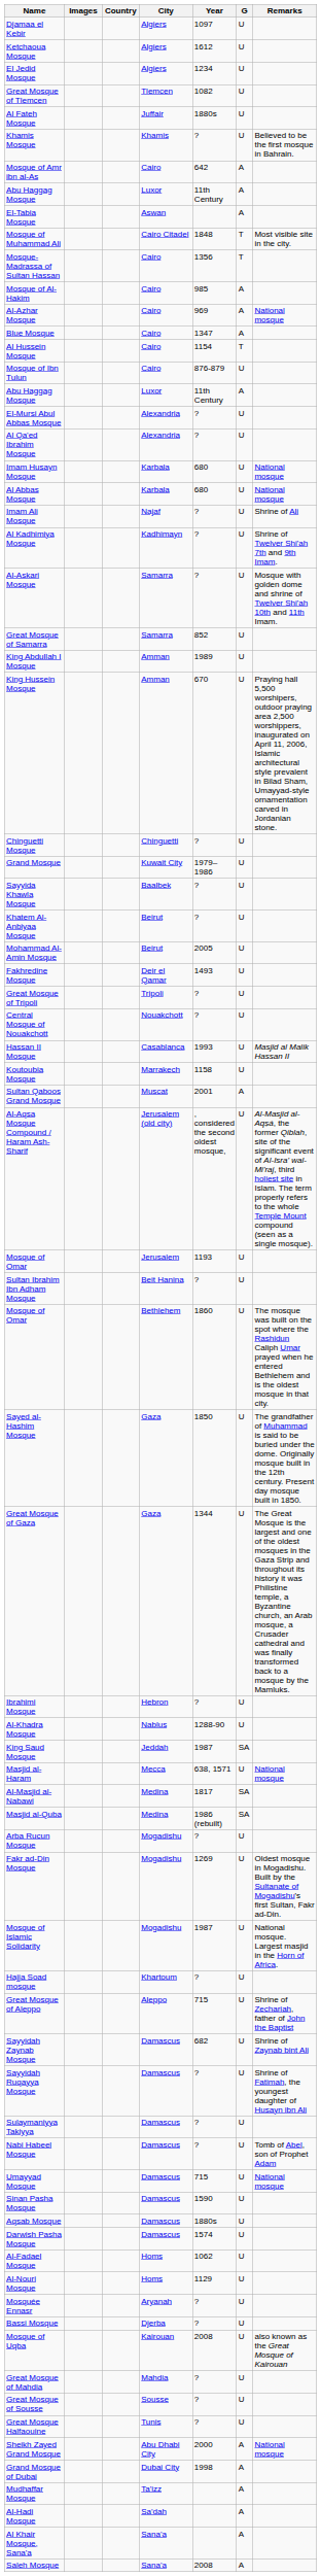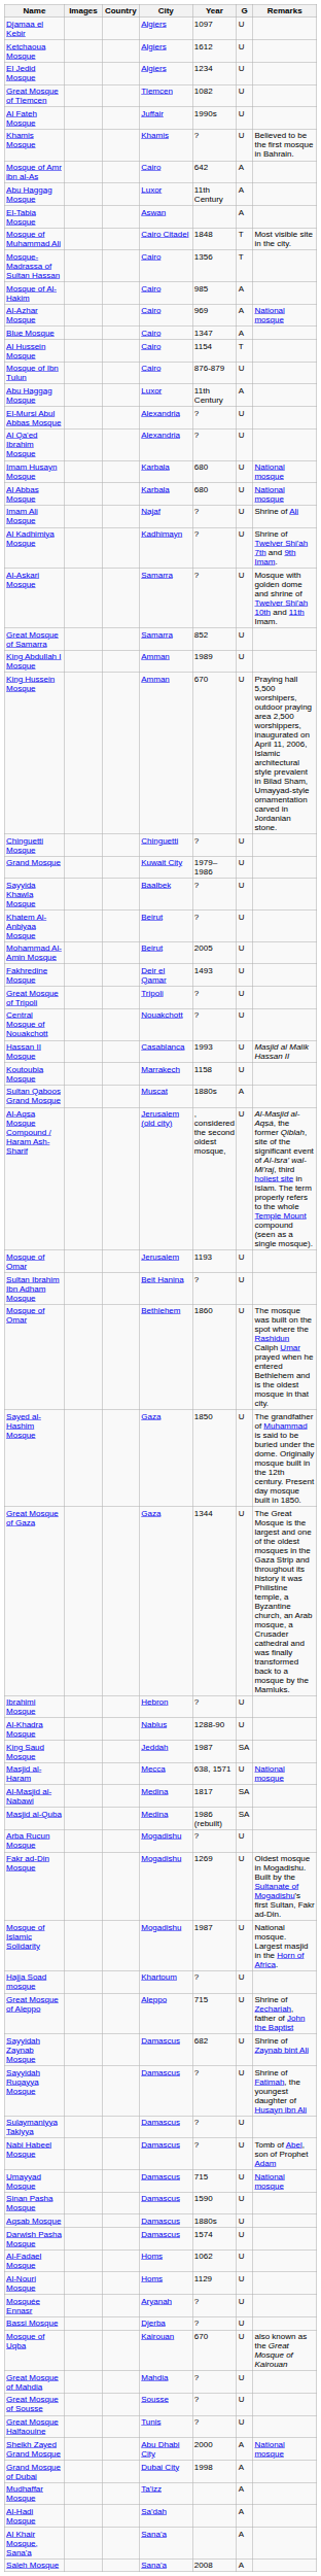 <table class="wikitable sortable">
 <tr>
 <th align=left width=200px>Name</th>
 <th align=center width=160px class=unsortable>Images</th>
 <th align=left width=100px>Country</th>
 <th align=left width=200px>City</th>
 <th align=left width=050px>Year</th>
 <th align=center width=050px>G</th>
 <th align=left width=250px class=unsortable>Remarks</th>
 </tr>
 <tr valign=top>
 <td><a href='#'>Djamaa el Kebir</a></td>
 <td></td>
 <td></td>
 <td><a href='#'>Algiers</a></td>
 <td>1097</td>
 <td>U</td>
 <td></td>
 </tr>
 <tr valign=top>
 <td><a href='#'>Ketchaoua Mosque</a></td>
 <td></td>
 <td></td>
 <td><a href='#'>Algiers</a></td>
 <td>1612</td>
 <td>U</td>
 <td></td>
 </tr>
 <tr valign=top>
 <td><a href='#'>El Jedid Mosque</a></td>
 <td></td>
 <td></td>
 <td><a href='#'>Algiers</a></td>
 <td>1234</td>
 <td>U</td>
 <td></td>
 </tr>
 <tr valign=top>
 <td><a href='#'>Great Mosque of Tlemcen</a></td>
 <td></td>
 <td></td>
 <td><a href='#'>Tlemcen</a></td>
 <td>1082</td>
 <td>U</td>
 <td></td>
 </tr>
 <tr valign=top>
 <td><a href='#'>Al Fateh Mosque</a></td>
 <td></td>
 <td></td>
 <td><a href='#'>Juffair</a></td>
-<td>1880s</td>
+<td>1990s</td>
 <td>U</td>
 <td></td>
 </tr>
 <tr valign=top>
 <td><a href='#'>Khamis Mosque</a></td>
 <td></td>
 <td></td>
 <td><a href='#'>Khamis</a></td>
 <td>?</td>
 <td>U</td>
 <td>Believed to be the first mosque in Bahrain.</td>
 </tr>
 <tr valign=top>
 <td><a href='#'>Mosque of Amr ibn al-As</a></td>
 <td></td>
 <td></td>
 <td><a href='#'>Cairo</a></td>
 <td>642</td>
 <td>A</td>
 <td></td>
 </tr>
 <tr valign=top>
 <td><a href='#'>Abu Haggag Mosque</a></td>
 <td></td>
 <td></td>
 <td><a href='#'>Luxor</a></td>
 <td>11th Century</td>
 <td>A</td>
 <td></td>
 </tr>
 <tr valign=top>
 <td><a href='#'>El-Tabia Mosque</a></td>
 <td></td>
 <td></td>
 <td><a href='#'>Aswan</a></td>
 <td></td>
 <td>A</td>
 <td></td>
 </tr>
 <tr valign=top>
 <td><a href='#'>Mosque of Muhammad Ali</a></td>
 <td></td>
 <td></td>
 <td><a href='#'>Cairo Citadel</a></td>
 <td>1848</td>
 <td>T</td>
 <td>Most visible site in the city.</td>
 </tr>
 <tr valign=top>
 <td><a href='#'>Mosque-Madrassa of Sultan Hassan</a></td>
 <td></td>
 <td></td>
 <td><a href='#'>Cairo</a></td>
 <td>1356</td>
 <td>T</td>
 <td></td>
 </tr>
 <tr valign=top>
 <td><a href='#'>Mosque of Al-Hakim</a></td>
 <td></td>
 <td></td>
 <td><a href='#'>Cairo</a></td>
 <td>985</td>
 <td>A</td>
 <td></td>
 </tr>
 <tr valign=top>
 <td><a href='#'>Al-Azhar Mosque</a></td>
 <td></td>
 <td></td>
 <td><a href='#'>Cairo</a></td>
 <td>969</td>
 <td>A</td>
 <td><a href='#'>National mosque</a></td>
 </tr>
 <tr valign=top>
 <td><a href='#'>Blue Mosque</a></td>
 <td></td>
 <td></td>
 <td><a href='#'>Cairo</a></td>
 <td>1347</td>
 <td>A</td>
 <td></td>
 </tr>
 <tr valign=top>
 <td><a href='#'>Al Hussein Mosque</a></td>
 <td></td>
 <td></td>
 <td><a href='#'>Cairo</a></td>
 <td>1154</td>
 <td>T</td>
 <td></td>
 </tr>
 <tr valign=top>
 <td><a href='#'>Mosque of Ibn Tulun</a></td>
 <td></td>
 <td></td>
 <td><a href='#'>Cairo</a></td>
 <td>876-879</td>
 <td>U</td>
 <td></td>
 </tr>
 <tr valign=top>
 <td><a href='#'>Abu Haggag Mosque</a></td>
 <td></td>
 <td></td>
 <td><a href='#'>Luxor</a></td>
 <td>11th Century</td>
 <td>A</td>
 <td></td>
 </tr>
 <tr valign=top>
 <td><a href='#'>El-Mursi Abul Abbas Mosque</a></td>
 <td></td>
 <td></td>
 <td><a href='#'>Alexandria</a></td>
 <td>?</td>
 <td>U</td>
 <td></td>
 </tr>
 <tr valign=top>
 <td><a href='#'>Al Qa'ed Ibrahim Mosque</a></td>
 <td></td>
 <td></td>
 <td><a href='#'>Alexandria</a></td>
 <td>?</td>
 <td>U</td>
 <td></td>
 </tr>
 <tr valign=top>
 <td><a href='#'>Imam Husayn Mosque</a></td>
 <td></td>
 <td></td>
 <td><a href='#'>Karbala</a></td>
 <td>680</td>
 <td>U</td>
 <td><a href='#'>National mosque</a></td>
 </tr>
 <tr valign=top>
 <td><a href='#'>Al Abbas Mosque</a></td>
 <td></td>
 <td></td>
 <td><a href='#'>Karbala</a></td>
 <td>680</td>
 <td>U</td>
 <td><a href='#'>National mosque</a></td>
 </tr>
 <tr valign=top>
 <td><a href='#'>Imam Ali Mosque</a></td>
 <td></td>
 <td></td>
 <td><a href='#'>Najaf</a></td>
 <td>?</td>
 <td>U</td>
 <td>Shrine of <a href='#'>Ali</a></td>
 </tr>
 <tr valign=top>
 <td><a href='#'>Al Kadhimiya Mosque</a></td>
 <td></td>
 <td></td>
 <td><a href='#'>Kadhimayn</a></td>
 <td>?</td>
 <td>U</td>
 <td>Shrine of <a href='#'>Twelver Shi'ah</a> <a href='#'>7th</a> and <a href='#'>9th Imam</a>.</td>
 </tr>
 <tr valign=top>
 <td><a href='#'>Al-Askari Mosque</a></td>
 <td></td>
 <td></td>
 <td><a href='#'>Samarra</a></td>
 <td>?</td>
 <td>U</td>
 <td>Mosque with golden dome and shrine of <a href='#'>Twelver Shi'ah</a> <a href='#'>10th</a> and <a href='#'>11th</a> Imam.</td>
 </tr>
 <tr valign=top>
 <td><a href='#'>Great Mosque of Samarra</a></td>
 <td></td>
 <td></td>
 <td><a href='#'>Samarra</a></td>
 <td>852</td>
 <td>U</td>
 <td></td>
 </tr>
 <tr valign=top>
 <td><a href='#'>King Abdullah I Mosque</a></td>
 <td></td>
 <td></td>
 <td><a href='#'>Amman</a></td>
 <td>1989</td>
 <td>U</td>
 <td></td>
 </tr>
 <tr valign=top>
 <td><a href='#'>King Hussein Mosque</a></td>
 <td></td>
 <td></td>
 <td><a href='#'>Amman</a></td>
 <td>670</td>
 <td>U</td>
 <td>Praying hall 5,500 worshipers, outdoor praying area 2,500 worshippers, inaugurated on April 11, 2006, Islamic architectural style prevalent in Bilad Sham, Umayyad-style ornamentation carved in Jordanian stone.</td>
 </tr>
 <tr valign=top>
 <td><a href='#'>Chinguetti Mosque</a></td>
 <td></td>
 <td></td>
 <td><a href='#'>Chinguetti</a></td>
 <td>?</td>
 <td>U</td>
 <td></td>
 </tr>
 <tr valign=top>
 <td><a href='#'>Grand Mosque</a></td>
 <td></td>
 <td></td>
 <td><a href='#'>Kuwait City</a></td>
 <td>1979–1986</td>
 <td>U</td>
 <td></td>
 </tr>
 <tr valign=top>
 <td><a href='#'>Sayyida Khawla Mosque</a></td>
 <td></td>
 <td></td>
 <td><a href='#'>Baalbek</a></td>
 <td>?</td>
 <td>U</td>
 <td></td>
 </tr>
 <tr valign=top>
 <td><a href='#'>Khatem Al-Anbiyaa Mosque</a></td>
 <td></td>
 <td></td>
 <td><a href='#'>Beirut</a></td>
 <td>?</td>
 <td>U</td>
 <td></td>
 </tr>
 <tr valign=top>
 <td><a href='#'>Mohammad Al-Amin Mosque</a></td>
 <td></td>
 <td></td>
 <td><a href='#'>Beirut</a></td>
 <td>2005</td>
 <td>U</td>
 <td></td>
 </tr>
 <tr valign=top>
 <td><a href='#'>Fakhredine Mosque</a></td>
 <td></td>
 <td></td>
 <td><a href='#'>Deir el Qamar</a></td>
 <td>1493</td>
 <td>U</td>
 <td></td>
 </tr>
 <tr valign=top>
 <td><a href='#'>Great Mosque of Tripoli</a></td>
 <td></td>
 <td></td>
 <td><a href='#'>Tripoli</a></td>
 <td>?</td>
 <td>U</td>
 <td></td>
 </tr>
 <tr valign=top>
 <td><a href='#'>Central Mosque of Nouakchott</a></td>
 <td></td>
 <td></td>
 <td><a href='#'>Nouakchott</a></td>
 <td>?</td>
 <td>U</td>
 <td></td>
 </tr>
 <tr valign=top>
 <td><a href='#'>Hassan II Mosque</a></td>
 <td></td>
 <td></td>
 <td><a href='#'>Casablanca</a></td>
 <td>1993</td>
 <td>U</td>
 <td><em>Masjid al Malik Hassan II</em></td>
 </tr>
 <tr valign=top>
 <td><a href='#'>Koutoubia Mosque</a></td>
 <td></td>
 <td></td>
 <td><a href='#'>Marrakech</a></td>
 <td>1158</td>
 <td>U</td>
 <td></td>
 </tr>
 <tr valign=top>
 <td><a href='#'>Sultan Qaboos Grand Mosque</a></td>
 <td></td>
 <td></td>
 <td><a href='#'>Muscat</a></td>
-<td>2001</td>
+<td>1880s</td>
 <td>A</td>
 <td></td>
 </tr>
 <tr valign=top>
 <td><a href='#'>Al-Aqsa Mosque Compound / Haram Ash-Sharif</a></td>
 <td></td>
 <td></td>
 <td><a href='#'>Jerusalem (old city)</a></td>
 <td>, considered the second oldest mosque,</td>
 <td>U</td>
 <td><em>Al-Masjid al-Aqṣá</em>, the former <em>Qiblah</em>, site of the significant event of <em>Al-Isra' wal-Mi'raj</em>, third <a href='#'>holiest site</a> in Islam. The term properly refers to the whole <a href='#'>Temple Mount</a> compound (seen as a single mosque).</td>
 </tr>
 <tr valign=top>
 <td><a href='#'>Mosque of Omar</a></td>
 <td></td>
 <td></td>
 <td><a href='#'>Jerusalem</a></td>
 <td>1193</td>
 <td>U</td>
 <td></td>
 </tr>
 <tr valign=top>
 <td><a href='#'>Sultan Ibrahim Ibn Adham Mosque</a></td>
 <td></td>
 <td></td>
 <td><a href='#'>Beit Hanina</a></td>
 <td>?</td>
 <td>U</td>
 <td></td>
 </tr>
 <tr valign=top>
 <td><a href='#'>Mosque of Omar</a></td>
 <td></td>
 <td></td>
 <td><a href='#'>Bethlehem</a></td>
 <td>1860</td>
 <td>U</td>
 <td>The mosque was built on the spot where the <a href='#'>Rashidun</a> Caliph <a href='#'>Umar</a> prayed when he entered Bethlehem and is the oldest mosque in that city.</td>
 </tr>
 <tr valign=top>
 <td><a href='#'>Sayed al-Hashim Mosque</a></td>
 <td></td>
 <td></td>
 <td><a href='#'>Gaza</a></td>
 <td>1850</td>
 <td>U</td>
 <td>The grandfather of <a href='#'>Muhammad</a> is said to be buried under the dome. Originally mosque built in the 12th century. Present day mosque built in 1850.</td>
 </tr>
 <tr valign=top>
 <td><a href='#'>Great Mosque of Gaza</a></td>
 <td></td>
 <td></td>
 <td><a href='#'>Gaza</a></td>
 <td>1344</td>
 <td>U</td>
 <td>The Great Mosque is the largest and one of the oldest mosques in the Gaza Strip and throughout its history it was Philistine temple, a Byzantine church, an Arab mosque, a Crusader cathedral and was finally transformed back to a mosque by the Mamluks.</td>
 </tr>
 <tr valign=top>
 <td><a href='#'>Ibrahimi Mosque</a></td>
 <td></td>
 <td></td>
 <td><a href='#'>Hebron</a></td>
 <td>?</td>
 <td>U</td>
 <td></td>
 </tr>
 <tr valign=top>
 <td><a href='#'>Al-Khadra Mosque</a></td>
 <td></td>
 <td></td>
 <td><a href='#'>Nablus</a></td>
 <td>1288-90</td>
 <td>U</td>
 <td></td>
 </tr>
 <tr valign=top>
 <td><a href='#'>King Saud Mosque</a></td>
 <td></td>
 <td></td>
 <td><a href='#'>Jeddah</a></td>
 <td>1987</td>
 <td>SA</td>
 <td></td>
 </tr>
 <tr valign=top>
 <td><a href='#'>Masjid al-Haram</a></td>
 <td></td>
 <td></td>
 <td><a href='#'>Mecca</a></td>
 <td>638, 1571</td>
 <td>U</td>
 <td><a href='#'>National mosque</a></td>
 </tr>
 <tr valign=top>
 <td><a href='#'>Al-Masjid al-Nabawi</a></td>
 <td></td>
 <td></td>
 <td><a href='#'>Medina</a></td>
 <td>1817</td>
 <td>SA</td>
 <td></td>
 </tr>
 <tr valign=top>
 <td><a href='#'>Masjid al-Quba</a></td>
 <td></td>
 <td></td>
 <td><a href='#'>Medina</a></td>
 <td>1986 (rebuilt)</td>
 <td>SA</td>
 <td></td>
 </tr>
 <tr valign=top>
 <td><a href='#'>Arba Rucun Mosque</a></td>
 <td></td>
 <td></td>
 <td><a href='#'>Mogadishu</a></td>
 <td>?</td>
 <td>U</td>
 <td></td>
 </tr>
 <tr valign=top>
 <td><a href='#'>Fakr ad-Din Mosque</a></td>
 <td></td>
 <td></td>
 <td><a href='#'>Mogadishu</a></td>
 <td>1269</td>
 <td>U</td>
 <td>Oldest mosque in Mogadishu. Built by the <a href='#'>Sultanate of Mogadishu</a>'s first Sultan, Fakr ad-Din.</td>
 </tr>
 <tr valign=top>
 <td><a href='#'>Mosque of Islamic Solidarity</a></td>
 <td></td>
 <td></td>
 <td><a href='#'>Mogadishu</a></td>
 <td>1987</td>
 <td>U</td>
 <td>National mosque. Largest masjid in the <a href='#'>Horn of Africa</a>.</td>
 </tr>
 <tr valign=top>
 <td><a href='#'>Hajja Soad mosque</a></td>
 <td></td>
 <td></td>
 <td><a href='#'>Khartoum</a></td>
 <td>?</td>
 <td>U</td>
 <td></td>
 </tr>
 <tr valign=top>
 <td><a href='#'>Great Mosque of Aleppo</a></td>
 <td></td>
 <td></td>
 <td><a href='#'>Aleppo</a></td>
 <td>715</td>
 <td>U</td>
 <td>Shrine of <a href='#'>Zechariah</a>, father of <a href='#'>John the Baptist</a></td>
 </tr>
 <tr valign=top>
 <td><a href='#'>Sayyidah Zaynab Mosque</a></td>
 <td></td>
 <td></td>
 <td><a href='#'>Damascus</a></td>
 <td>682</td>
 <td>U</td>
 <td>Shrine of <a href='#'>Zaynab bint Ali</a></td>
 </tr>
 <tr valign=top>
 <td><a href='#'>Sayyidah Ruqayya Mosque</a></td>
 <td></td>
 <td></td>
 <td><a href='#'>Damascus</a></td>
 <td>?</td>
 <td>U</td>
 <td>Shrine of <a href='#'>Fatimah</a>, the youngest daughter of <a href='#'>Husayn ibn Ali</a></td>
 </tr>
 <tr valign=top>
 <td><a href='#'>Sulaymaniyya Takiyya</a></td>
 <td></td>
 <td></td>
 <td><a href='#'>Damascus</a></td>
 <td>?</td>
 <td>U</td>
 <td></td>
 </tr>
 <tr valign=top>
 <td><a href='#'>Nabi Habeel Mosque</a></td>
 <td></td>
 <td></td>
 <td><a href='#'>Damascus</a></td>
 <td>?</td>
 <td>U</td>
 <td>Tomb of <a href='#'>Abel</a>, son of Prophet <a href='#'>Adam</a></td>
 </tr>
 <tr valign=top>
 <td><a href='#'>Umayyad Mosque</a></td>
 <td></td>
 <td></td>
 <td><a href='#'>Damascus</a></td>
 <td>715</td>
 <td>U</td>
 <td><a href='#'>National mosque</a></td>
 </tr>
 <tr valign=top>
 <td><a href='#'>Sinan Pasha Mosque</a></td>
 <td></td>
 <td></td>
 <td><a href='#'>Damascus</a></td>
 <td>1590</td>
 <td>U</td>
 <td></td>
 </tr>
 <tr valign=top>
 <td><a href='#'>Aqsab Mosque</a></td>
 <td></td>
 <td></td>
 <td><a href='#'>Damascus</a></td>
 <td>1880s</td>
 <td>U</td>
 <td></td>
 </tr>
 <tr valign=top>
 <td><a href='#'>Darwish Pasha Mosque</a></td>
 <td></td>
 <td></td>
 <td><a href='#'>Damascus</a></td>
 <td>1574</td>
 <td>U</td>
 <td></td>
 </tr>
 <tr valign=top>
 <td><a href='#'>Al-Fadael Mosque</a></td>
 <td></td>
 <td></td>
 <td><a href='#'>Homs</a></td>
 <td>1062</td>
 <td>U</td>
 <td></td>
 </tr>
 <tr valign=top>
 <td><a href='#'>Al-Nouri Mosque</a></td>
 <td></td>
 <td></td>
 <td><a href='#'>Homs</a></td>
 <td>1129</td>
 <td>U</td>
 <td></td>
 </tr>
 <tr valign=top>
 <td><a href='#'>Mosquée Ennasr</a></td>
 <td></td>
 <td></td>
 <td><a href='#'>Aryanah</a></td>
 <td>?</td>
 <td>U</td>
 <td></td>
 </tr>
 <tr valign=top>
 <td><a href='#'>Bassi Mosque</a></td>
 <td></td>
 <td></td>
 <td><a href='#'>Djerba</a></td>
 <td>?</td>
 <td>U</td>
 <td></td>
 </tr>
 <tr valign=top>
 <td><a href='#'>Mosque of Uqba</a></td>
 <td></td>
 <td></td>
 <td><a href='#'>Kairouan</a></td>
-<td>2008</td>
+<td>670</td>
 <td>U</td>
 <td>also known as the <em>Great Mosque of Kairouan</em></td>
 </tr>
 <tr valign=top>
 <td><a href='#'>Great Mosque of Mahdia</a></td>
 <td></td>
 <td></td>
 <td><a href='#'>Mahdia</a></td>
 <td>?</td>
 <td>U</td>
 <td></td>
 </tr>
 <tr valign=top>
 <td><a href='#'>Great Mosque of Sousse</a></td>
 <td></td>
 <td></td>
 <td><a href='#'>Sousse</a></td>
 <td>?</td>
 <td>U</td>
 <td></td>
 </tr>
 <tr valign=top>
 <td><a href='#'>Great Mosque Halfaouine</a></td>
 <td></td>
 <td></td>
 <td><a href='#'>Tunis</a></td>
 <td>?</td>
 <td>U</td>
 <td></td>
 </tr>
 <tr valign=top>
 <td><a href='#'>Sheikh Zayed Grand Mosque</a></td>
 <td></td>
 <td></td>
 <td><a href='#'>Abu Dhabi City</a></td>
 <td>2000</td>
 <td>A</td>
 <td><a href='#'>National mosque</a></td>
 </tr>
 <tr valign=top>
 <td><a href='#'>Grand Mosque of Dubai</a></td>
 <td></td>
 <td></td>
 <td><a href='#'>Dubai City</a></td>
 <td>1998</td>
 <td>A</td>
 <td></td>
 </tr>
 <tr valign=top>
 <td><a href='#'>Mudhaffar Mosque</a></td>
 <td></td>
 <td></td>
 <td><a href='#'>Ta'izz</a></td>
 <td></td>
 <td>A</td>
 <td></td>
 </tr>
 <tr valign=top>
 <td><a href='#'>Al-Hadi Mosque</a></td>
 <td></td>
 <td></td>
 <td><a href='#'>Sa'dah</a></td>
 <td></td>
 <td>A</td>
 <td></td>
 </tr>
 <tr valign=top>
 <td><a href='#'>Al Khair Mosque, Sana'a</a></td>
 <td></td>
 <td></td>
 <td><a href='#'>Sana'a</a></td>
 <td></td>
 <td>A</td>
 <td></td>
 </tr>
 <tr valign=top>
 <td><a href='#'>Saleh Mosque</a></td>
 <td></td>
 <td></td>
 <td><a href='#'>Sana'a</a></td>
 <td>2008</td>
 <td>A</td>
 <td></td>
 </tr>
 </table>
